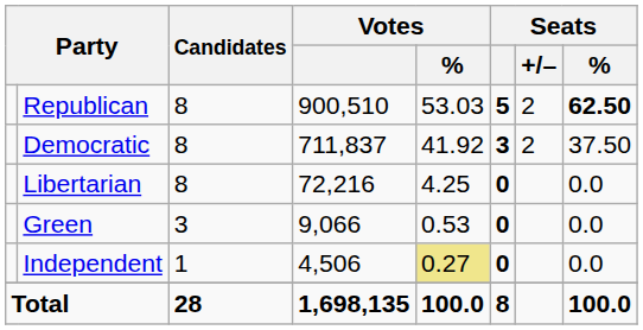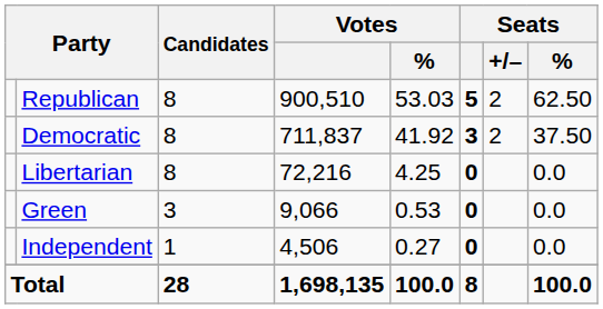 <table class="wikitable" style="font-size: 95%;">
 <tr>
 <th colspan="2" rowspan="2">Party</th>
 <th rowspan="2"><small>Candi</small><small>dates</small></th>
 <th colspan="2">Votes</th>
 <th colspan="3">Seats</th>
 </tr>
 <tr>
 <th></th>
 <th>%</th>
 <th></th>
 <th>+/–</th>
 <th>%</th>
 </tr>
 <tr>
 <td style="background:"></td>
 <td align="left"><a href='#'>Republican</a></td>
 <td>8</td>
 <td>900,510</td>
 <td>53.03</td>
 <td><strong>5</strong></td>
 <td> 2</td>
-<td><strong>62.50</strong></td>
+<td>62.50</td>
 </tr>
 <tr>
 <td style="background:"></td>
 <td align="left"><a href='#'>Democratic</a></td>
 <td>8</td>
 <td>711,837</td>
 <td>41.92</td>
 <td><strong>3</strong></td>
 <td> 2</td>
 <td>37.50</td>
 </tr>
 <tr>
 <td style="background:"></td>
 <td align="left"><a href='#'>Libertarian</a></td>
 <td>8</td>
 <td>72,216</td>
 <td>4.25</td>
 <td><strong>0</strong></td>
 <td></td>
 <td>0.0</td>
 </tr>
 <tr>
 <td style="background:"></td>
 <td align="left"><a href='#'>Green</a></td>
 <td>3</td>
 <td>9,066</td>
 <td>0.53</td>
 <td><strong>0</strong></td>
 <td></td>
 <td>0.0</td>
 </tr>
 <tr>
 <td style="background:"></td>
 <td align="left"><a href='#'>Independent</a></td>
 <td>1</td>
 <td>4,506</td>
-<td style="background: khaki;">0.27</td>
+<td>0.27</td>
 <td><strong>0</strong></td>
 <td></td>
 <td>0.0</td>
 </tr>
 <tr>
 </tr>
 <tr style="font-weight:bold">
 <td colspan="2" align="left">Total</td>
 <td>28</td>
 <td>1,698,135</td>
 <td>100.0</td>
 <td>8</td>
 <td></td>
 <td>100.0</td>
 </tr>
 </table>
